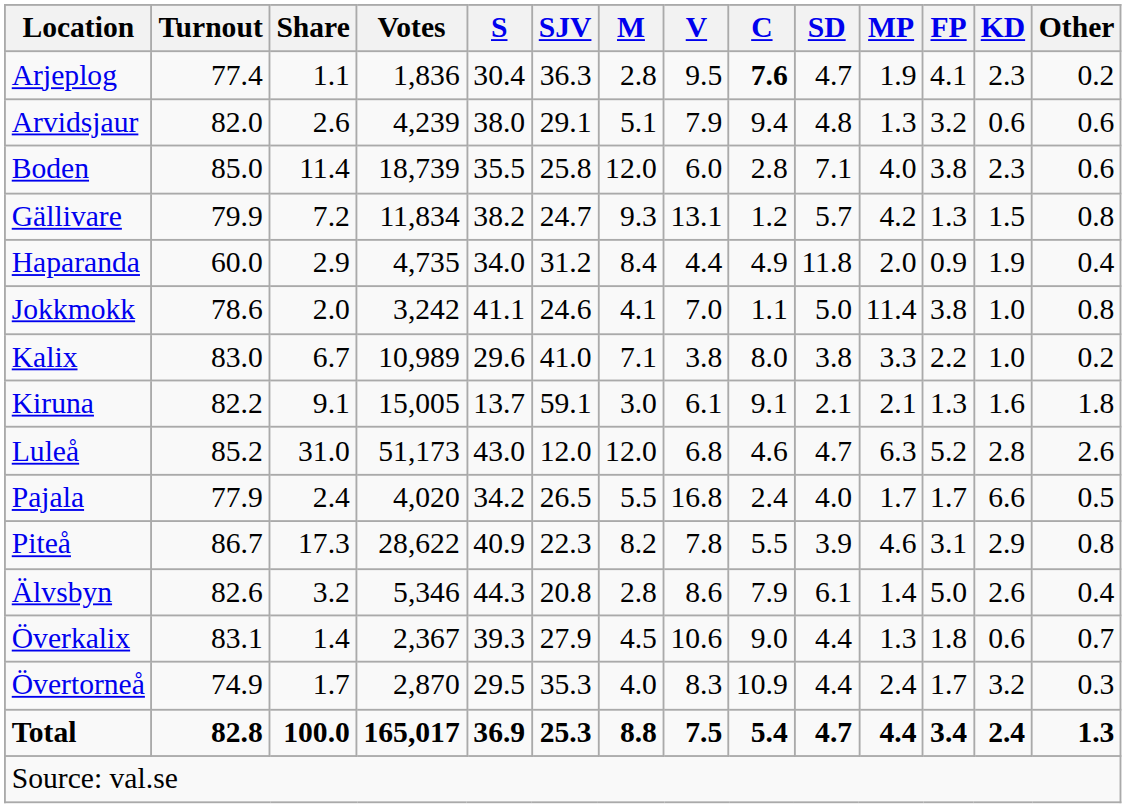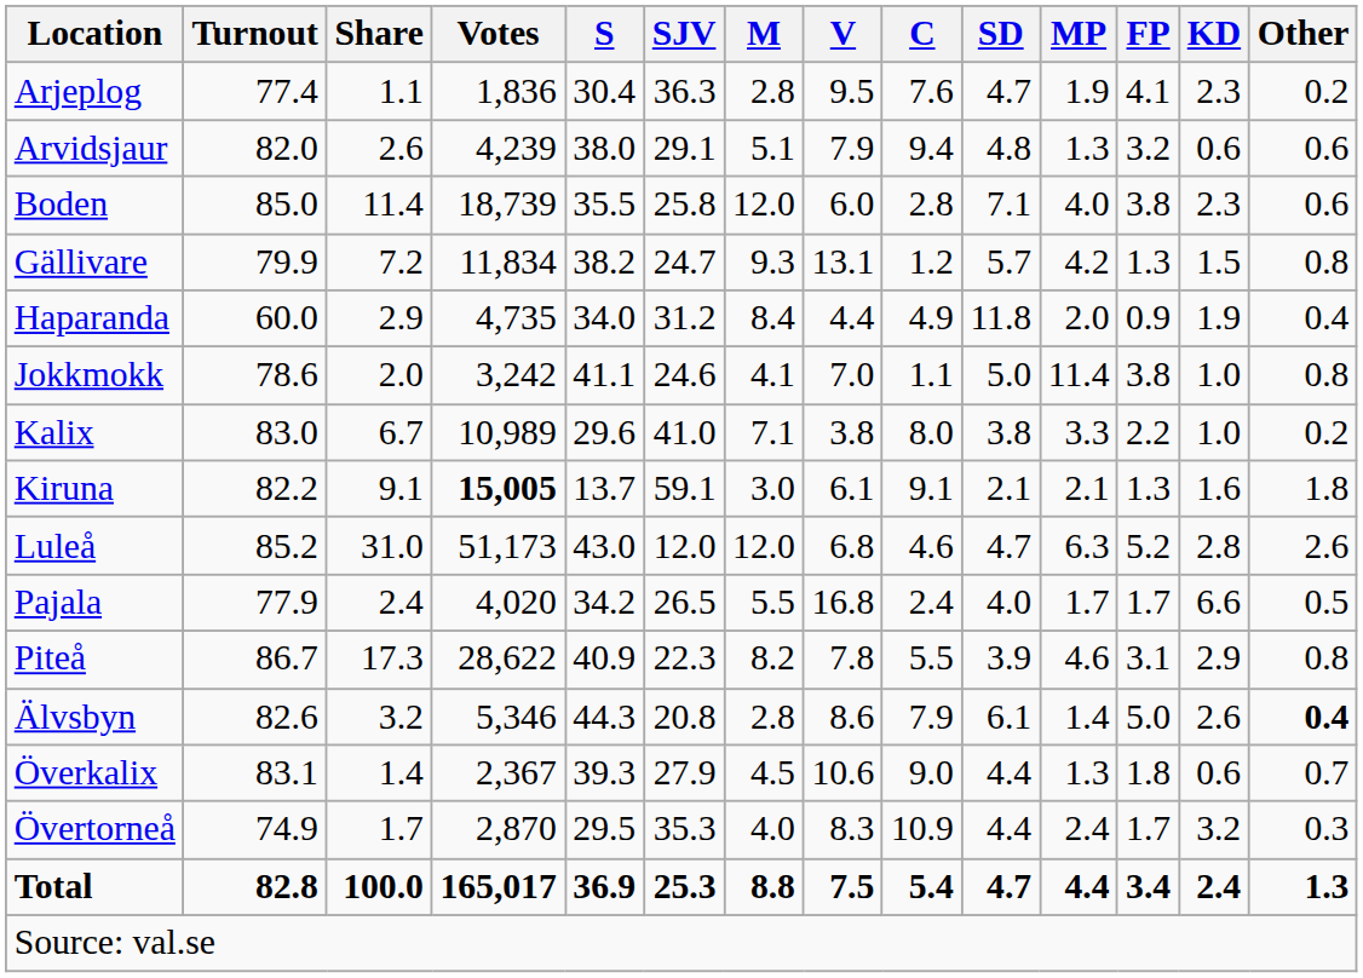 <table class="wikitable sortable" style=text-align:right>
 <tr>
 <th>Location</th>
 <th>Turnout</th>
 <th>Share</th>
 <th>Votes</th>
 <th><a href='#'>S</a></th>
 <th><a href='#'>SJV</a></th>
 <th><a href='#'>M</a></th>
 <th><a href='#'>V</a></th>
 <th><a href='#'>C</a></th>
 <th><a href='#'>SD</a></th>
 <th><a href='#'>MP</a></th>
 <th><a href='#'>FP</a></th>
 <th><a href='#'>KD</a></th>
 <th>Other</th>
 </tr>
 <tr>
 <td align=left><a href='#'>Arjeplog</a></td>
 <td>77.4</td>
 <td>1.1</td>
 <td>1,836</td>
 <td>30.4</td>
 <td>36.3</td>
 <td>2.8</td>
 <td>9.5</td>
-<td><strong>7.6</strong></td>
+<td>7.6</td>
 <td>4.7</td>
 <td>1.9</td>
 <td>4.1</td>
 <td>2.3</td>
 <td>0.2</td>
 </tr>
 <tr>
 <td align=left><a href='#'>Arvidsjaur</a></td>
 <td>82.0</td>
 <td>2.6</td>
 <td>4,239</td>
 <td>38.0</td>
 <td>29.1</td>
 <td>5.1</td>
 <td>7.9</td>
 <td>9.4</td>
 <td>4.8</td>
 <td>1.3</td>
 <td>3.2</td>
 <td>0.6</td>
 <td>0.6</td>
 </tr>
 <tr>
 <td align=left><a href='#'>Boden</a></td>
 <td>85.0</td>
 <td>11.4</td>
 <td>18,739</td>
 <td>35.5</td>
 <td>25.8</td>
 <td>12.0</td>
 <td>6.0</td>
 <td>2.8</td>
 <td>7.1</td>
 <td>4.0</td>
 <td>3.8</td>
 <td>2.3</td>
 <td>0.6</td>
 </tr>
 <tr>
 <td align=left><a href='#'>Gällivare</a></td>
 <td>79.9</td>
 <td>7.2</td>
 <td>11,834</td>
 <td>38.2</td>
 <td>24.7</td>
 <td>9.3</td>
 <td>13.1</td>
 <td>1.2</td>
 <td>5.7</td>
 <td>4.2</td>
 <td>1.3</td>
 <td>1.5</td>
 <td>0.8</td>
 </tr>
 <tr>
 <td align=left><a href='#'>Haparanda</a></td>
 <td>60.0</td>
 <td>2.9</td>
 <td>4,735</td>
 <td>34.0</td>
 <td>31.2</td>
 <td>8.4</td>
 <td>4.4</td>
 <td>4.9</td>
 <td>11.8</td>
 <td>2.0</td>
 <td>0.9</td>
 <td>1.9</td>
 <td>0.4</td>
 </tr>
 <tr>
 <td align=left><a href='#'>Jokkmokk</a></td>
 <td>78.6</td>
 <td>2.0</td>
 <td>3,242</td>
 <td>41.1</td>
 <td>24.6</td>
 <td>4.1</td>
 <td>7.0</td>
 <td>1.1</td>
 <td>5.0</td>
 <td>11.4</td>
 <td>3.8</td>
 <td>1.0</td>
 <td>0.8</td>
 </tr>
 <tr>
 <td align=left><a href='#'>Kalix</a></td>
 <td>83.0</td>
 <td>6.7</td>
 <td>10,989</td>
 <td>29.6</td>
 <td>41.0</td>
 <td>7.1</td>
 <td>3.8</td>
 <td>8.0</td>
 <td>3.8</td>
 <td>3.3</td>
 <td>2.2</td>
 <td>1.0</td>
 <td>0.2</td>
 </tr>
 <tr>
 <td align=left><a href='#'>Kiruna</a></td>
 <td>82.2</td>
 <td>9.1</td>
-<td>15,005</td>
+<td><strong>15,005</strong></td>
 <td>13.7</td>
 <td>59.1</td>
 <td>3.0</td>
 <td>6.1</td>
 <td>9.1</td>
 <td>2.1</td>
 <td>2.1</td>
 <td>1.3</td>
 <td>1.6</td>
 <td>1.8</td>
 </tr>
 <tr>
 <td align=left><a href='#'>Luleå</a></td>
 <td>85.2</td>
 <td>31.0</td>
 <td>51,173</td>
 <td>43.0</td>
 <td>12.0</td>
 <td>12.0</td>
 <td>6.8</td>
 <td>4.6</td>
 <td>4.7</td>
 <td>6.3</td>
 <td>5.2</td>
 <td>2.8</td>
 <td>2.6</td>
 </tr>
 <tr>
 <td align=left><a href='#'>Pajala</a></td>
 <td>77.9</td>
 <td>2.4</td>
 <td>4,020</td>
 <td>34.2</td>
 <td>26.5</td>
 <td>5.5</td>
 <td>16.8</td>
 <td>2.4</td>
 <td>4.0</td>
 <td>1.7</td>
 <td>1.7</td>
 <td>6.6</td>
 <td>0.5</td>
 </tr>
 <tr>
 <td align=left><a href='#'>Piteå</a></td>
 <td>86.7</td>
 <td>17.3</td>
 <td>28,622</td>
 <td>40.9</td>
 <td>22.3</td>
 <td>8.2</td>
 <td>7.8</td>
 <td>5.5</td>
 <td>3.9</td>
 <td>4.6</td>
 <td>3.1</td>
 <td>2.9</td>
 <td>0.8</td>
 </tr>
 <tr>
 <td align=left><a href='#'>Älvsbyn</a></td>
 <td>82.6</td>
 <td>3.2</td>
 <td>5,346</td>
 <td>44.3</td>
 <td>20.8</td>
 <td>2.8</td>
 <td>8.6</td>
 <td>7.9</td>
 <td>6.1</td>
 <td>1.4</td>
 <td>5.0</td>
 <td>2.6</td>
-<td>0.4</td>
+<td><strong>0.4</strong></td>
 </tr>
 <tr>
 <td align=left><a href='#'>Överkalix</a></td>
 <td>83.1</td>
 <td>1.4</td>
 <td>2,367</td>
 <td>39.3</td>
 <td>27.9</td>
 <td>4.5</td>
 <td>10.6</td>
 <td>9.0</td>
 <td>4.4</td>
 <td>1.3</td>
 <td>1.8</td>
 <td>0.6</td>
 <td>0.7</td>
 </tr>
 <tr>
 <td align=left><a href='#'>Övertorneå</a></td>
 <td>74.9</td>
 <td>1.7</td>
 <td>2,870</td>
 <td>29.5</td>
 <td>35.3</td>
 <td>4.0</td>
 <td>8.3</td>
 <td>10.9</td>
 <td>4.4</td>
 <td>2.4</td>
 <td>1.7</td>
 <td>3.2</td>
 <td>0.3</td>
 </tr>
 <tr>
 <td align=left><strong>Total</strong></td>
 <td><strong>82.8</strong></td>
 <td><strong>100.0</strong></td>
 <td><strong>165,017</strong></td>
 <td><strong>36.9</strong></td>
 <td><strong>25.3</strong></td>
 <td><strong>8.8</strong></td>
 <td><strong>7.5</strong></td>
 <td><strong>5.4</strong></td>
 <td><strong>4.7</strong></td>
 <td><strong>4.4</strong></td>
 <td><strong>3.4</strong></td>
 <td><strong>2.4</strong></td>
 <td><strong>1.3</strong></td>
 </tr>
 <tr>
 <td align=left colspan=14>Source: val.se</td>
 </tr>
 </table>
